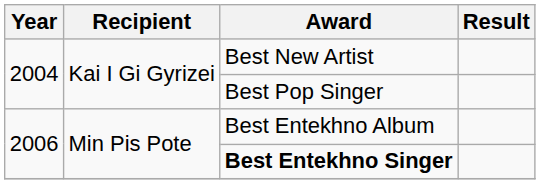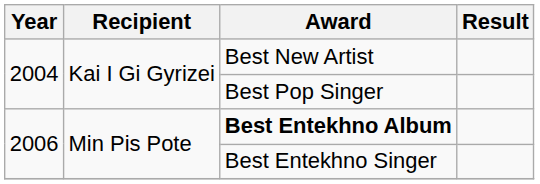 <table class="wikitable">
 <tr>
 <th>Year</th>
 <th>Recipient</th>
 <th>Award</th>
 <th>Result</th>
 </tr>
 <tr>
 <td rowspan="2">2004</td>
 <td rowspan="2">Kai I Gi Gyrizei</td>
 <td>Best New Artist</td>
 <td></td>
 </tr>
 <tr>
 <td>Best Pop Singer</td>
 <td></td>
 </tr>
 <tr>
 <td rowspan="2">2006</td>
 <td rowspan="2">Min Pis Pote</td>
-<td>Best Entekhno Album</td>
+<td><strong>Best Entekhno Album</strong></td>
 <td></td>
 </tr>
 <tr>
-<td><strong>Best Entekhno Singer</strong></td>
+<td>Best Entekhno Singer</td>
 <td></td>
 </tr>
 <tr>
 </tr>
 </table>
